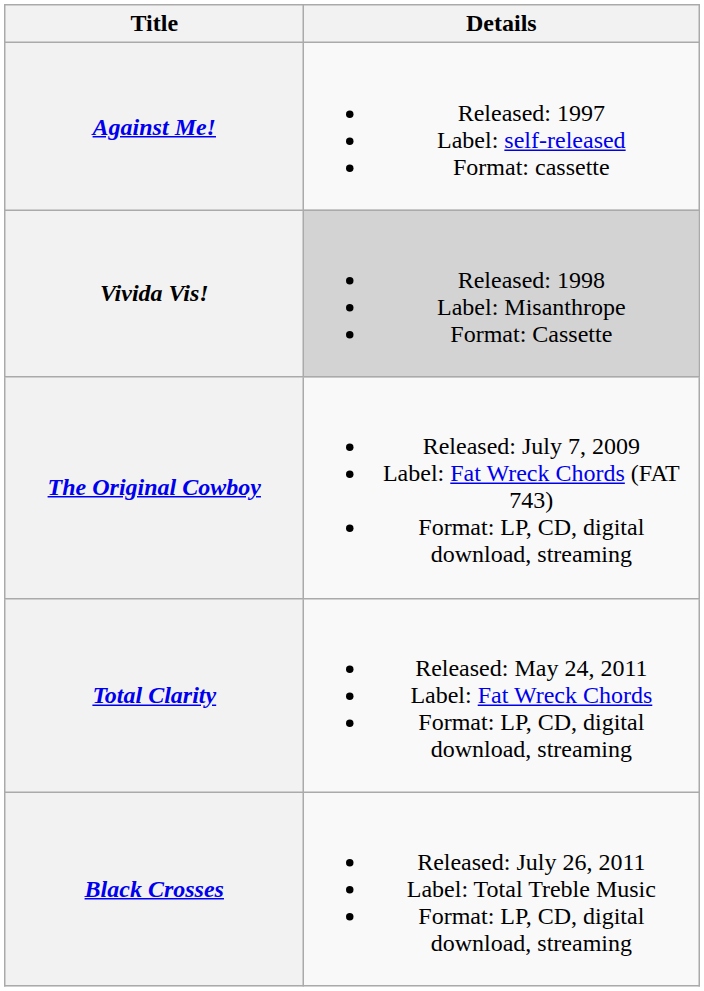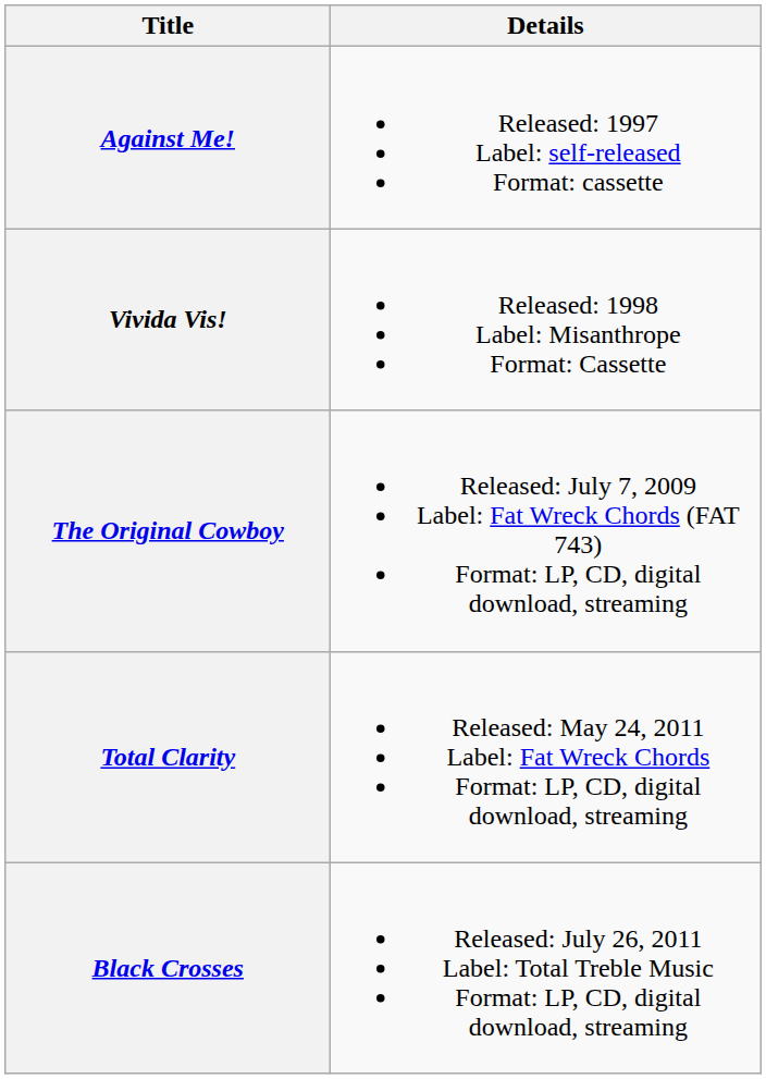 <table class="wikitable plainrowheaders" style="text-align:center;" border="1">
 <tr>
 <th scope="col" style="width:12em;">Title</th>
 <th scope="col" style="width:16em;">Details</th>
 </tr>
 <tr>
 <th scope="row"><em><a href='#'>Against Me!</a></em></th>
 <td><br><ul><li>Released: 1997</li><li>Label: <a href='#'>self-released</a></li><li>Format: cassette</li></ul></td>
 </tr>
 <tr>
 <th scope="row"><em>Vivida Vis!</em></th>
-<td style="background: lightgrey;"><br><ul><li>Released: 1998</li><li>Label: Misanthrope</li><li>Format: Cassette</li></ul></td>
+<td><br><ul><li>Released: 1998</li><li>Label: Misanthrope</li><li>Format: Cassette</li></ul></td>
 </tr>
 <tr>
 <th scope="row"><em><a href='#'>The Original Cowboy</a></em></th>
 <td><br><ul><li>Released: July 7, 2009</li><li>Label: <a href='#'>Fat Wreck Chords</a> (FAT 743)</li><li>Format: LP, CD, digital download, streaming</li></ul></td>
 </tr>
 <tr>
 <th scope="row"><em><a href='#'>Total Clarity</a></em></th>
 <td><br><ul><li>Released: May 24, 2011</li><li>Label: <a href='#'>Fat Wreck Chords</a></li><li>Format: LP, CD, digital download, streaming</li></ul></td>
 </tr>
 <tr>
 <th scope="row"><em><a href='#'>Black Crosses</a></em></th>
 <td><br><ul><li>Released: July 26, 2011</li><li>Label: Total Treble Music</li><li>Format: LP, CD, digital download, streaming</li></ul></td>
 </tr>
 </table>
